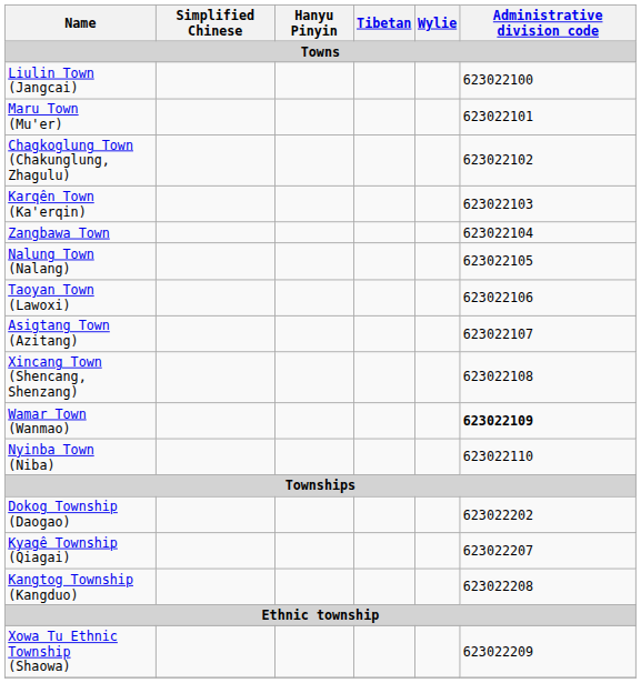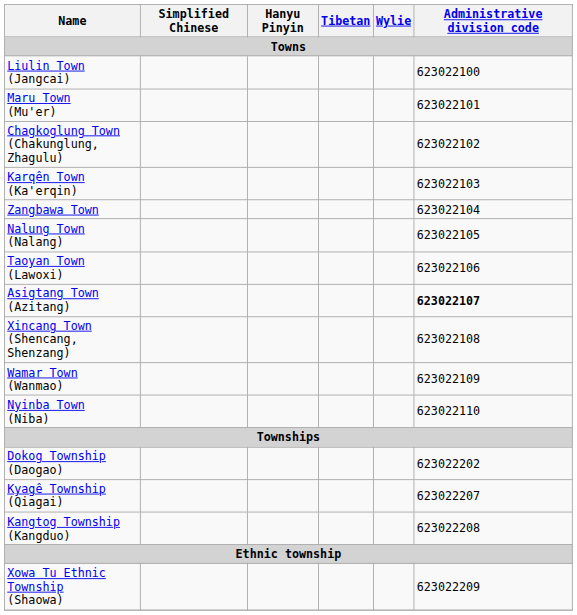 <table class="wikitable" align="center" style="width:50%; border="1">
 <tr>
 <th>Name</th>
 <th>Simplified Chinese</th>
 <th>Hanyu Pinyin</th>
 <th><a href='#'>Tibetan</a></th>
 <th><a href='#'>Wylie</a></th>
 <th><a href='#'>Administrative division code</a></th>
 </tr>
 <tr>
 <td colspan="7"  style="text-align:center; background:#d3d3d3;"><strong>Towns</strong></td>
 </tr>
 <tr --------->
 <td><a href='#'>Liulin Town</a><br>(Jangcai)</td>
 <td></td>
 <td></td>
 <td></td>
 <td></td>
 <td>623022100</td>
 </tr>
 <tr>
 <td><a href='#'>Maru Town</a><br>(Mu'er)</td>
 <td></td>
 <td></td>
 <td></td>
 <td></td>
 <td>623022101</td>
 </tr>
 <tr>
 <td><a href='#'>Chagkoglung Town</a><br>(Chakunglung, Zhagulu)</td>
 <td></td>
 <td></td>
 <td></td>
 <td></td>
 <td>623022102</td>
 </tr>
 <tr>
 <td><a href='#'>Karqên Town</a><br>(Ka'erqin)</td>
 <td></td>
 <td></td>
 <td></td>
 <td></td>
 <td>623022103</td>
 </tr>
 <tr>
 <td><a href='#'>Zangbawa Town</a></td>
 <td></td>
 <td></td>
 <td></td>
 <td></td>
 <td>623022104</td>
 </tr>
 <tr>
 <td><a href='#'>Nalung Town</a><br>(Nalang)</td>
 <td></td>
 <td></td>
 <td></td>
 <td></td>
 <td>623022105</td>
 </tr>
 <tr>
 <td><a href='#'>Taoyan Town</a><br>(Lawoxi)</td>
 <td></td>
 <td></td>
 <td></td>
 <td></td>
 <td>623022106</td>
 </tr>
 <tr>
 <td><a href='#'>Asigtang Town</a><br>(Azitang)</td>
 <td></td>
 <td></td>
 <td></td>
 <td></td>
-<td>623022107</td>
+<td><strong>623022107</strong></td>
 </tr>
 <tr>
 <td><a href='#'>Xincang Town</a><br>(Shencang, Shenzang)</td>
 <td></td>
 <td></td>
 <td></td>
 <td></td>
 <td>623022108</td>
 </tr>
 <tr>
 <td><a href='#'>Wamar Town</a><br>(Wanmao)</td>
 <td></td>
 <td></td>
 <td></td>
 <td></td>
-<td><strong>623022109</strong></td>
+<td>623022109</td>
 </tr>
 <tr>
 <td><a href='#'>Nyinba Town</a><br>(Niba)</td>
 <td></td>
 <td></td>
 <td></td>
 <td></td>
 <td>623022110</td>
 </tr>
 <tr>
 <td colspan="7"  style="text-align:center; background:#d3d3d3;"><strong>Townships</strong></td>
 </tr>
 <tr --------->
 <td><a href='#'>Dokog Township</a><br>(Daogao)</td>
 <td></td>
 <td></td>
 <td></td>
 <td></td>
 <td>623022202</td>
 </tr>
 <tr>
 <td><a href='#'>Kyagê Township</a><br>(Qiagai)</td>
 <td></td>
 <td></td>
 <td></td>
 <td></td>
 <td>623022207</td>
 </tr>
 <tr>
 <td><a href='#'>Kangtog Township</a><br>(Kangduo)</td>
 <td></td>
 <td></td>
 <td></td>
 <td></td>
 <td>623022208</td>
 </tr>
 <tr>
 <td colspan="7"  style="text-align:center; background:#d3d3d3;"><strong>Ethnic township</strong></td>
 </tr>
 <tr --------->
 <td><a href='#'>Xowa Tu Ethnic Township</a><br>(Shaowa)</td>
 <td></td>
 <td></td>
 <td></td>
 <td></td>
 <td>623022209</td>
 </tr>
 <tr>
 </tr>
 </table>
